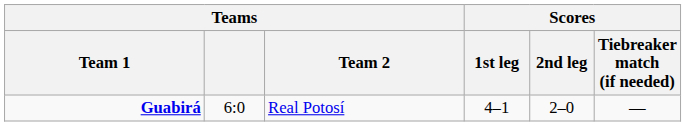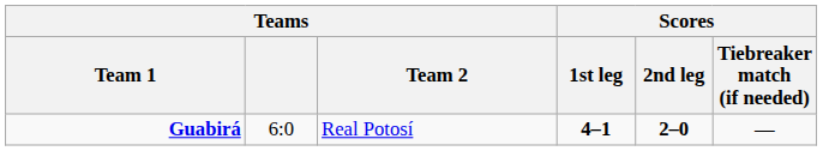 <table class="wikitable" style="text-align: center;">
 <tr>
 <th colspan=3>Teams</th>
 <th colspan=3>Scores</th>
 </tr>
 <tr>
 <th width="185">Team 1</th>
 <th width="50"></th>
 <th width="185">Team 2</th>
 <th width="55">1st leg</th>
 <th width="55">2nd leg</th>
 <th width="75">Tiebreaker match<br>(if needed)</th>
 </tr>
 <tr>
 <td align=right><strong><a href='#'>Guabirá</a></strong></td>
 <td>6:0</td>
 <td align=left><a href='#'>Real Potosí</a></td>
-<td>4–1</td>
-<td>2–0</td>
+<td><strong>4–1</strong></td>
+<td><strong>2–0</strong></td>
 <td>—</td>
 </tr>
 </table>
